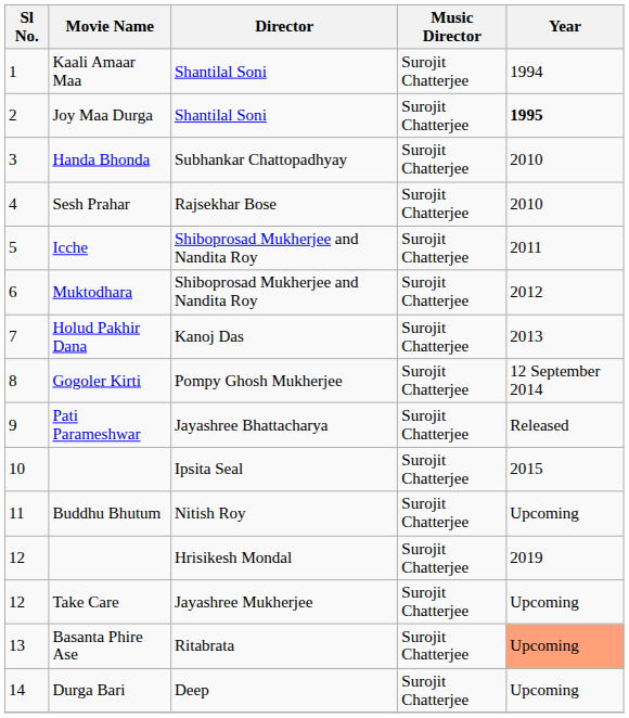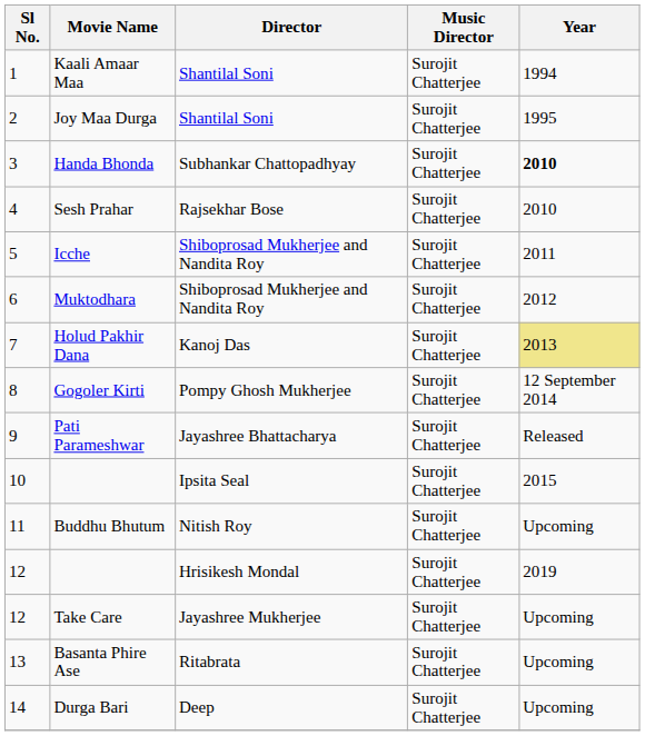 <table class="wikitable">
 <tr>
 <th>Sl No.</th>
 <th>Movie Name</th>
 <th>Director</th>
 <th>Music Director</th>
 <th>Year</th>
 </tr>
 <tr>
 <td>1</td>
 <td>Kaali Amaar Maa</td>
 <td><a href='#'>Shantilal Soni</a></td>
 <td>Surojit Chatterjee</td>
 <td>1994</td>
 </tr>
 <tr>
 <td>2</td>
 <td>Joy Maa Durga</td>
 <td><a href='#'>Shantilal Soni</a></td>
 <td>Surojit Chatterjee</td>
-<td><strong>1995</strong></td>
+<td>1995</td>
 </tr>
 <tr>
 <td>3</td>
 <td><a href='#'>Handa Bhonda</a></td>
 <td>Subhankar Chattopadhyay</td>
 <td>Surojit Chatterjee</td>
-<td>2010</td>
+<td><strong>2010</strong></td>
 </tr>
 <tr>
 <td>4</td>
 <td>Sesh Prahar</td>
 <td>Rajsekhar Bose</td>
 <td>Surojit Chatterjee</td>
 <td>2010</td>
 </tr>
 <tr>
 <td>5</td>
 <td><a href='#'>Icche</a></td>
 <td><a href='#'>Shiboprosad Mukherjee</a> and Nandita Roy</td>
 <td>Surojit Chatterjee</td>
 <td>2011</td>
 </tr>
 <tr>
 <td>6</td>
 <td><a href='#'>Muktodhara</a></td>
 <td>Shiboprosad Mukherjee and Nandita Roy</td>
 <td>Surojit Chatterjee</td>
 <td>2012</td>
 </tr>
 <tr>
 <td>7</td>
 <td><a href='#'>Holud Pakhir Dana</a></td>
 <td>Kanoj Das</td>
 <td>Surojit Chatterjee</td>
-<td>2013</td>
+<td style="background: khaki;">2013</td>
 </tr>
 <tr>
 <td>8</td>
 <td><a href='#'>Gogoler Kirti</a></td>
 <td>Pompy Ghosh Mukherjee</td>
 <td>Surojit Chatterjee</td>
 <td>12 September 2014</td>
 </tr>
 <tr>
 <td>9</td>
 <td><a href='#'>Pati Parameshwar</a></td>
 <td>Jayashree Bhattacharya</td>
 <td>Surojit Chatterjee</td>
 <td>Released</td>
 </tr>
 <tr>
 <td>10</td>
 <td></td>
 <td>Ipsita Seal</td>
 <td>Surojit Chatterjee</td>
 <td>2015</td>
 </tr>
 <tr>
 <td>11</td>
 <td>Buddhu Bhutum</td>
 <td>Nitish Roy</td>
 <td>Surojit Chatterjee</td>
 <td>Upcoming</td>
 </tr>
 <tr>
 <td>12</td>
 <td></td>
 <td>Hrisikesh Mondal</td>
 <td>Surojit Chatterjee</td>
 <td>2019</td>
 </tr>
 <tr>
 <td>12</td>
 <td>Take Care</td>
 <td>Jayashree Mukherjee</td>
 <td>Surojit Chatterjee</td>
 <td>Upcoming</td>
 </tr>
 <tr>
 <td>13</td>
 <td>Basanta Phire Ase</td>
 <td>Ritabrata</td>
 <td>Surojit Chatterjee</td>
-<td style="background: lightsalmon;">Upcoming</td>
+<td>Upcoming</td>
 </tr>
 <tr>
 <td>14</td>
 <td>Durga Bari</td>
 <td>Deep</td>
 <td>Surojit Chatterjee</td>
 <td>Upcoming</td>
 </tr>
 <tr>
 </tr>
 </table>
